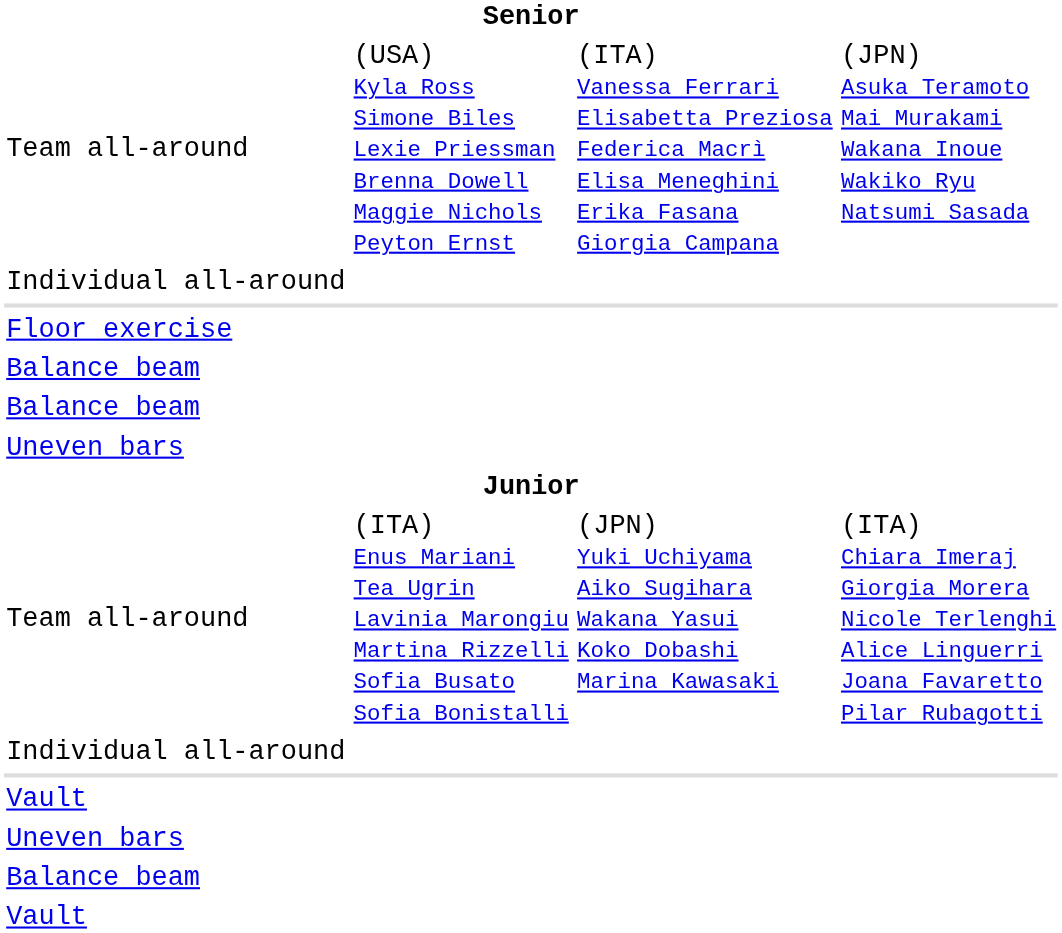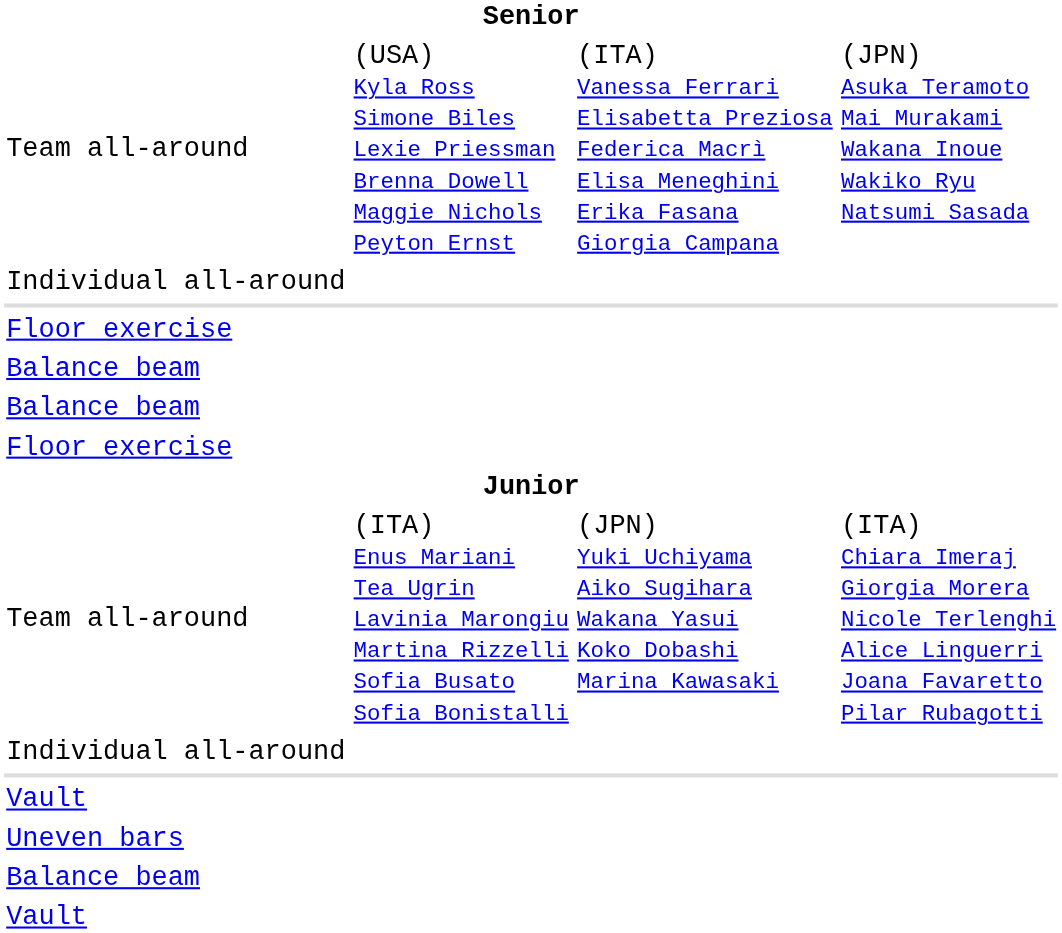 <table>
 <tr>
 <th colspan="4">Senior</th>
 </tr>
 <tr>
 <td>Team all-around</td>
 <td> (USA) <br><small><a href='#'>Kyla Ross</a><br><a href='#'>Simone Biles</a><br><a href='#'>Lexie Priessman</a><br><a href='#'>Brenna Dowell</a><br><a href='#'>Maggie Nichols</a><br><a href='#'>Peyton Ernst</a></small></td>
 <td> (ITA) <br><small><a href='#'>Vanessa Ferrari</a><br><a href='#'>Elisabetta Preziosa</a><br><a href='#'>Federica Macrì</a><br><a href='#'>Elisa Meneghini</a><br><a href='#'>Erika Fasana</a><br><a href='#'>Giorgia Campana</a></small></td>
 <td> (JPN) <br><small><a href='#'>Asuka Teramoto</a><br><a href='#'>Mai Murakami</a><br><a href='#'>Wakana Inoue</a><br><a href='#'>Wakiko Ryu</a><br><a href='#'>Natsumi Sasada</a><br><br></small></td>
 </tr>
 <tr>
 <td>Individual all-around</td>
 <td></td>
 <td></td>
 <td></td>
 </tr>
 <tr bgcolor=#DDDDDD>
 <td colspan=7></td>
 </tr>
 <tr>
 <td><a href='#'>Floor exercise</a></td>
 <td></td>
 <td></td>
 <td></td>
 </tr>
 <tr>
 <td><a href='#'>Balance beam</a></td>
 <td></td>
 <td></td>
 <td></td>
 </tr>
 <tr>
 <td><a href='#'>Balance beam</a></td>
 <td></td>
 <td></td>
 <td></td>
 </tr>
 <tr>
-<td><a href='#'>Uneven bars</a></td>
+<td><a href='#'>Floor exercise</a></td>
 <td></td>
 <td></td>
 <td></td>
 </tr>
 <tr>
 <th colspan="4">Junior</th>
 </tr>
 <tr>
 <td>Team all-around</td>
 <td> (ITA) <br><small><a href='#'>Enus Mariani</a><br><a href='#'>Tea Ugrin</a><br><a href='#'>Lavinia Marongiu</a><br><a href='#'>Martina Rizzelli</a><br><a href='#'>Sofia Busato</a><br><a href='#'>Sofia Bonistalli</a></small></td>
 <td> (JPN) <br><small><a href='#'>Yuki Uchiyama</a><br><a href='#'>Aiko Sugihara</a><br><a href='#'>Wakana Yasui</a><br><a href='#'>Koko Dobashi</a><br><a href='#'>Marina Kawasaki</a><br><br></small></td>
 <td> (ITA) <br><small><a href='#'>Chiara Imeraj</a><br><a href='#'>Giorgia Morera</a><br><a href='#'>Nicole Terlenghi</a><br><a href='#'>Alice Linguerri</a><br><a href='#'>Joana Favaretto</a><br><a href='#'>Pilar Rubagotti</a></small></td>
 </tr>
 <tr>
 <td>Individual all-around</td>
 <td></td>
 <td></td>
 <td></td>
 </tr>
 <tr bgcolor=#DDDDDD>
 <td colspan=7></td>
 </tr>
 <tr>
 <td><a href='#'>Vault</a></td>
 <td></td>
 <td></td>
 <td></td>
 </tr>
 <tr>
 <td><a href='#'>Uneven bars</a></td>
 <td></td>
 <td></td>
 <td></td>
 </tr>
 <tr>
 <td><a href='#'>Balance beam</a></td>
 <td></td>
 <td></td>
 <td></td>
 </tr>
 <tr>
 <td><a href='#'>Vault</a></td>
 <td></td>
 <td></td>
 <td></td>
 </tr>
 </table>
